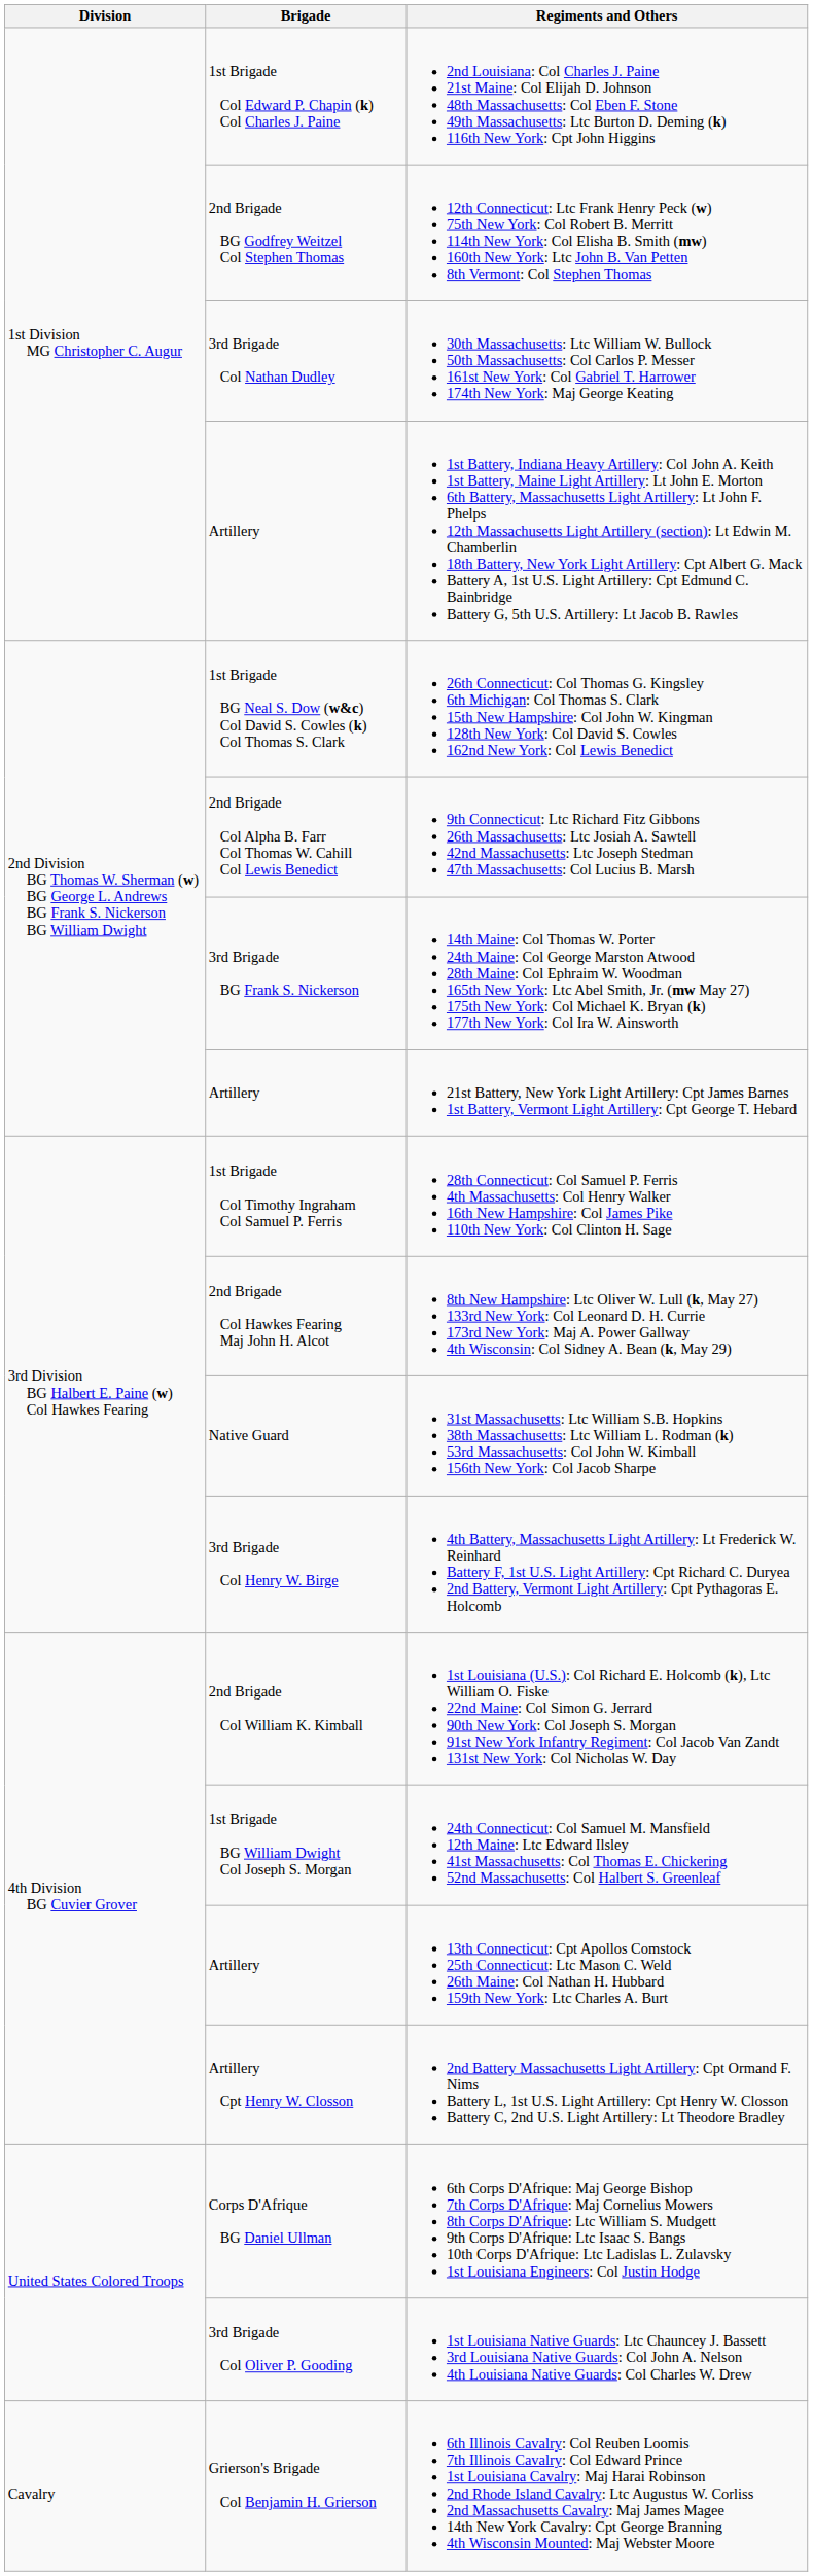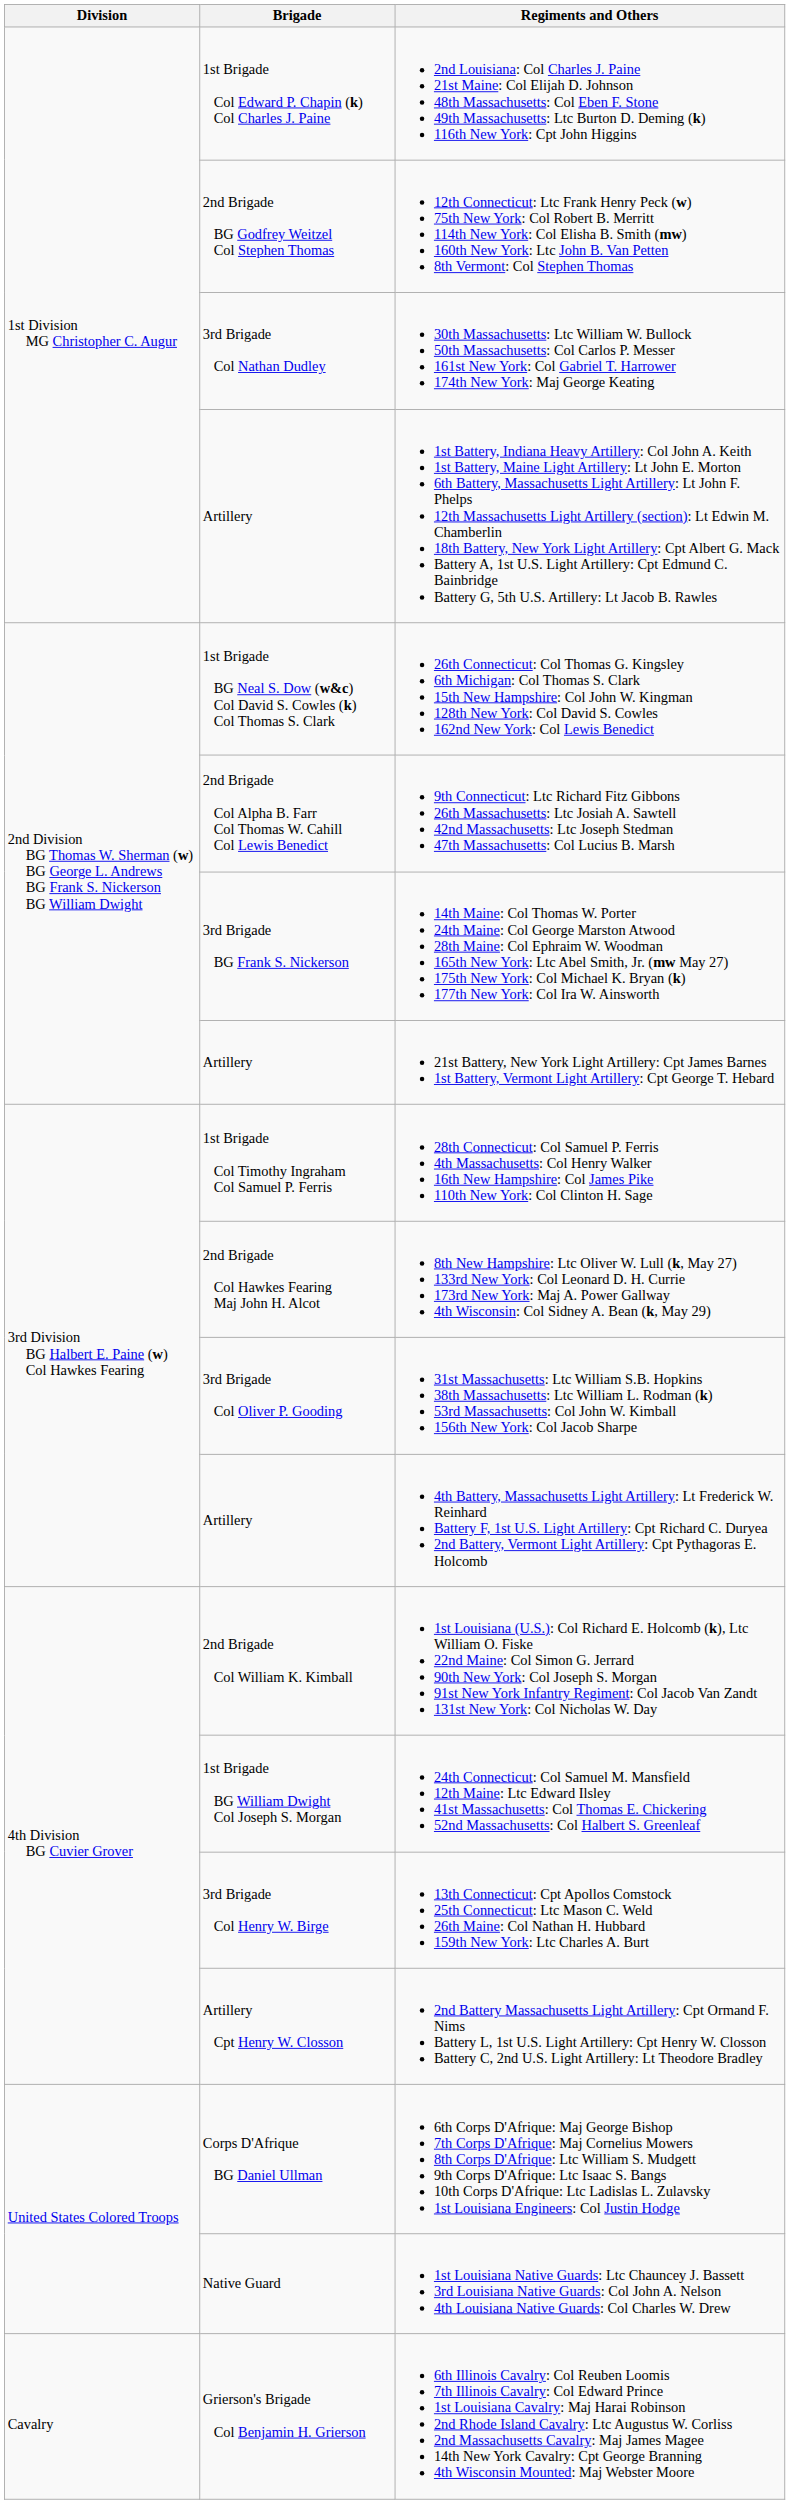 <table class="wikitable">
 <tr>
 <th width=25%>Division</th>
 <th width=25%>Brigade</th>
 <th>Regiments and Others</th>
 </tr>
 <tr>
 <td rowspan=4><br>1st Division <br>     MG <a href='#'>Christopher C. Augur</a></td>
 <td>1st Brigade<br><br>   Col <a href='#'>Edward P. Chapin</a> (<strong>k</strong>)  <br>   Col <a href='#'>Charles J. Paine</a></td>
 <td><br><ul><li><a href='#'>2nd Louisiana</a>: Col <a href='#'>Charles J. Paine</a></li><li><a href='#'>21st Maine</a>: Col Elijah D. Johnson</li><li><a href='#'>48th Massachusetts</a>: Col <a href='#'>Eben F. Stone</a></li><li><a href='#'>49th Massachusetts</a>: Ltc Burton D. Deming (<strong>k</strong>)</li><li><a href='#'>116th New York</a>: Cpt John Higgins</li></ul></td>
 </tr>
 <tr>
 <td>2nd Brigade<br><br>   BG <a href='#'>Godfrey Weitzel</a> <br>   Col <a href='#'>Stephen Thomas</a></td>
 <td><br><ul><li><a href='#'>12th Connecticut</a>: Ltc Frank Henry Peck (<strong>w</strong>)</li><li><a href='#'>75th New York</a>: Col Robert B. Merritt</li><li><a href='#'>114th New York</a>: Col Elisha B. Smith (<strong>mw</strong>)</li><li><a href='#'>160th New York</a>: Ltc <a href='#'>John B. Van Petten</a></li><li><a href='#'>8th Vermont</a>: Col <a href='#'>Stephen Thomas</a></li></ul></td>
 </tr>
 <tr>
 <td>3rd Brigade<br><br>   Col <a href='#'>Nathan Dudley</a></td>
 <td><br><ul><li><a href='#'>30th Massachusetts</a>: Ltc William W. Bullock</li><li><a href='#'>50th Massachusetts</a>: Col Carlos P. Messer</li><li><a href='#'>161st New York</a>: Col <a href='#'>Gabriel T. Harrower</a></li><li><a href='#'>174th New York</a>: Maj George Keating</li></ul></td>
 </tr>
 <tr>
 <td>Artillery</td>
 <td><br><ul><li><a href='#'>1st Battery, Indiana Heavy Artillery</a>: Col John A. Keith</li><li><a href='#'>1st Battery, Maine Light Artillery</a>: Lt John E. Morton</li><li><a href='#'>6th Battery, Massachusetts Light Artillery</a>: Lt John F. Phelps</li><li><a href='#'>12th Massachusetts Light Artillery (section)</a>: Lt Edwin M. Chamberlin</li><li><a href='#'>18th Battery, New York Light Artillery</a>: Cpt Albert G. Mack</li><li>Battery A, 1st U.S. Light Artillery: Cpt Edmund C. Bainbridge</li><li>Battery G, 5th U.S. Artillery: Lt Jacob B. Rawles</li></ul></td>
 </tr>
 <tr>
 <td rowspan=4><br>2nd Division <br>     BG <a href='#'>Thomas W. Sherman</a> (<strong>w</strong>) <br>     BG <a href='#'>George L. Andrews</a> <br>     BG <a href='#'>Frank S. Nickerson</a> <br>     BG <a href='#'>William Dwight</a></td>
 <td>1st Brigade<br><br>   BG <a href='#'>Neal S. Dow</a> (<strong>w&c</strong>) <br>   Col David S. Cowles (<strong>k</strong>) <br>   Col Thomas S. Clark</td>
 <td><br><ul><li><a href='#'>26th Connecticut</a>: Col Thomas G. Kingsley</li><li><a href='#'>6th Michigan</a>: Col Thomas S. Clark</li><li><a href='#'>15th New Hampshire</a>: Col John W. Kingman</li><li><a href='#'>128th New York</a>: Col David S. Cowles</li><li><a href='#'>162nd New York</a>: Col <a href='#'>Lewis Benedict</a></li></ul></td>
 </tr>
 <tr>
 <td>2nd Brigade<br><br>   Col Alpha B. Farr <br>   Col Thomas W. Cahill <br>   Col <a href='#'>Lewis Benedict</a></td>
 <td><br><ul><li><a href='#'>9th Connecticut</a>: Ltc Richard Fitz Gibbons</li><li><a href='#'>26th Massachusetts</a>: Ltc Josiah A. Sawtell</li><li><a href='#'>42nd Massachusetts</a>: Ltc Joseph Stedman</li><li><a href='#'>47th Massachusetts</a>: Col Lucius B. Marsh</li></ul></td>
 </tr>
 <tr>
 <td>3rd Brigade<br><br>   BG <a href='#'>Frank S. Nickerson</a></td>
 <td><br><ul><li><a href='#'>14th Maine</a>: Col Thomas W. Porter</li><li><a href='#'>24th Maine</a>: Col George Marston Atwood</li><li><a href='#'>28th Maine</a>: Col Ephraim W. Woodman</li><li><a href='#'>165th New York</a>: Ltc Abel Smith, Jr. (<strong>mw</strong> May 27)</li><li><a href='#'>175th New York</a>: Col Michael K. Bryan (<strong>k</strong>)</li><li><a href='#'>177th New York</a>: Col Ira W. Ainsworth</li></ul></td>
 </tr>
 <tr>
 <td>Artillery</td>
 <td><br><ul><li>21st Battery, New York Light Artillery: Cpt James Barnes</li><li><a href='#'>1st Battery, Vermont Light Artillery</a>: Cpt George T. Hebard</li></ul></td>
 </tr>
 <tr>
 <td rowspan=4><br>3rd Division <br>     BG <a href='#'>Halbert E. Paine</a> (<strong>w</strong>) <br>     Col Hawkes Fearing</td>
 <td>1st Brigade<br><br>   Col Timothy Ingraham <br>   Col Samuel P. Ferris</td>
 <td><br><ul><li><a href='#'>28th Connecticut</a>: Col Samuel P. Ferris</li><li><a href='#'>4th Massachusetts</a>: Col Henry Walker</li><li><a href='#'>16th New Hampshire</a>: Col <a href='#'>James Pike</a></li><li><a href='#'>110th New York</a>: Col Clinton H. Sage</li></ul></td>
 </tr>
 <tr>
 <td>2nd Brigade<br><br>   Col Hawkes Fearing <br>   Maj John H. Alcot</td>
 <td><br><ul><li><a href='#'>8th New Hampshire</a>: Ltc Oliver W. Lull (<strong>k</strong>, May 27)</li><li><a href='#'>133rd New York</a>: Col Leonard D. H. Currie</li><li><a href='#'>173rd New York</a>: Maj A. Power Gallway</li><li><a href='#'>4th Wisconsin</a>: Col Sidney A. Bean (<strong>k</strong>, May 29)</li></ul></td>
 </tr>
 <tr>
-<td>Native Guard</td>
+<td>3rd Brigade<br><br>   Col <a href='#'>Oliver P. Gooding</a></td>
 <td><br><ul><li><a href='#'>31st Massachusetts</a>: Ltc William S.B. Hopkins</li><li><a href='#'>38th Massachusetts</a>: Ltc William L. Rodman (<strong>k</strong>)</li><li><a href='#'>53rd Massachusetts</a>: Col John W. Kimball</li><li><a href='#'>156th New York</a>: Col Jacob Sharpe</li></ul></td>
 </tr>
 <tr>
-<td>3rd Brigade<br><br>   Col <a href='#'>Henry W. Birge</a></td>
+<td>Artillery</td>
 <td><br><ul><li><a href='#'>4th Battery, Massachusetts Light Artillery</a>: Lt Frederick W. Reinhard</li><li><a href='#'>Battery F, 1st U.S. Light Artillery</a>: Cpt Richard C. Duryea</li><li><a href='#'>2nd Battery, Vermont Light Artillery</a>: Cpt Pythagoras E. Holcomb</li></ul></td>
 </tr>
 <tr>
 <td rowspan=4><br>4th Division <br>     BG <a href='#'>Cuvier Grover</a></td>
 <td>2nd Brigade<br><br>   Col William K. Kimball</td>
 <td><br><ul><li><a href='#'>1st Louisiana (U.S.)</a>: Col Richard E. Holcomb (<strong>k</strong>), Ltc William O. Fiske</li><li><a href='#'>22nd Maine</a>: Col Simon G. Jerrard</li><li><a href='#'>90th New York</a>: Col Joseph S. Morgan</li><li><a href='#'>91st New York Infantry Regiment</a>: Col Jacob Van Zandt</li><li><a href='#'>131st New York</a>: Col Nicholas W. Day</li></ul></td>
 </tr>
 <tr>
 <td>1st Brigade<br><br>   BG <a href='#'>William Dwight</a> <br>   Col Joseph S. Morgan</td>
 <td><br><ul><li><a href='#'>24th Connecticut</a>: Col Samuel M. Mansfield</li><li><a href='#'>12th Maine</a>: Ltc Edward Ilsley</li><li><a href='#'>41st Massachusetts</a>: Col <a href='#'>Thomas E. Chickering</a></li><li><a href='#'>52nd Massachusetts</a>: Col <a href='#'>Halbert S. Greenleaf</a></li></ul></td>
 </tr>
 <tr>
-<td>Artillery</td>
+<td>3rd Brigade<br><br>   Col <a href='#'>Henry W. Birge</a></td>
 <td><br><ul><li><a href='#'>13th Connecticut</a>: Cpt Apollos Comstock</li><li><a href='#'>25th Connecticut</a>: Ltc Mason C. Weld</li><li><a href='#'>26th Maine</a>: Col Nathan H. Hubbard</li><li><a href='#'>159th New York</a>: Ltc Charles A. Burt</li></ul></td>
 </tr>
 <tr>
 <td>Artillery<br><br>   Cpt <a href='#'>Henry W. Closson</a></td>
 <td><br><ul><li><a href='#'>2nd Battery Massachusetts Light Artillery</a>: Cpt Ormand F. Nims</li><li>Battery L, 1st U.S. Light Artillery: Cpt Henry W. Closson</li><li>Battery C, 2nd U.S. Light Artillery: Lt Theodore Bradley</li></ul></td>
 </tr>
 <tr>
 <td rowspan=2><br><a href='#'>United States Colored Troops</a></td>
 <td>Corps D'Afrique<br><br>   BG <a href='#'>Daniel Ullman</a></td>
 <td><br><ul><li>6th Corps D'Afrique: Maj George Bishop</li><li><a href='#'>7th Corps D'Afrique</a>: Maj Cornelius Mowers</li><li><a href='#'>8th Corps D'Afrique</a>: Ltc William S. Mudgett</li><li>9th Corps D'Afrique: Ltc Isaac S. Bangs</li><li>10th Corps D'Afrique: Ltc Ladislas L. Zulavsky</li><li><a href='#'>1st Louisiana Engineers</a>: Col <a href='#'>Justin Hodge</a></li></ul></td>
 </tr>
 <tr>
-<td>3rd Brigade<br><br>   Col <a href='#'>Oliver P. Gooding</a></td>
+<td>Native Guard</td>
 <td><br><ul><li><a href='#'>1st Louisiana Native Guards</a>: Ltc Chauncey J. Bassett</li><li><a href='#'>3rd Louisiana Native Guards</a>: Col John A. Nelson</li><li><a href='#'>4th Louisiana Native Guards</a>: Col Charles W. Drew</li></ul></td>
 </tr>
 <tr>
 <td rowspan=1><br>Cavalry</td>
 <td>Grierson's Brigade<br><br>   Col <a href='#'>Benjamin H. Grierson</a></td>
 <td><br><ul><li><a href='#'>6th Illinois Cavalry</a>: Col Reuben Loomis</li><li><a href='#'>7th Illinois Cavalry</a>: Col Edward Prince</li><li><a href='#'>1st Louisiana Cavalry</a>: Maj Harai Robinson</li><li><a href='#'>2nd Rhode Island Cavalry</a>: Ltc Augustus W. Corliss</li><li><a href='#'>2nd Massachusetts Cavalry</a>: Maj James Magee</li><li>14th New York Cavalry: Cpt George Branning</li><li><a href='#'>4th Wisconsin Mounted</a>: Maj Webster Moore</li></ul></td>
 </tr>
 </table>
